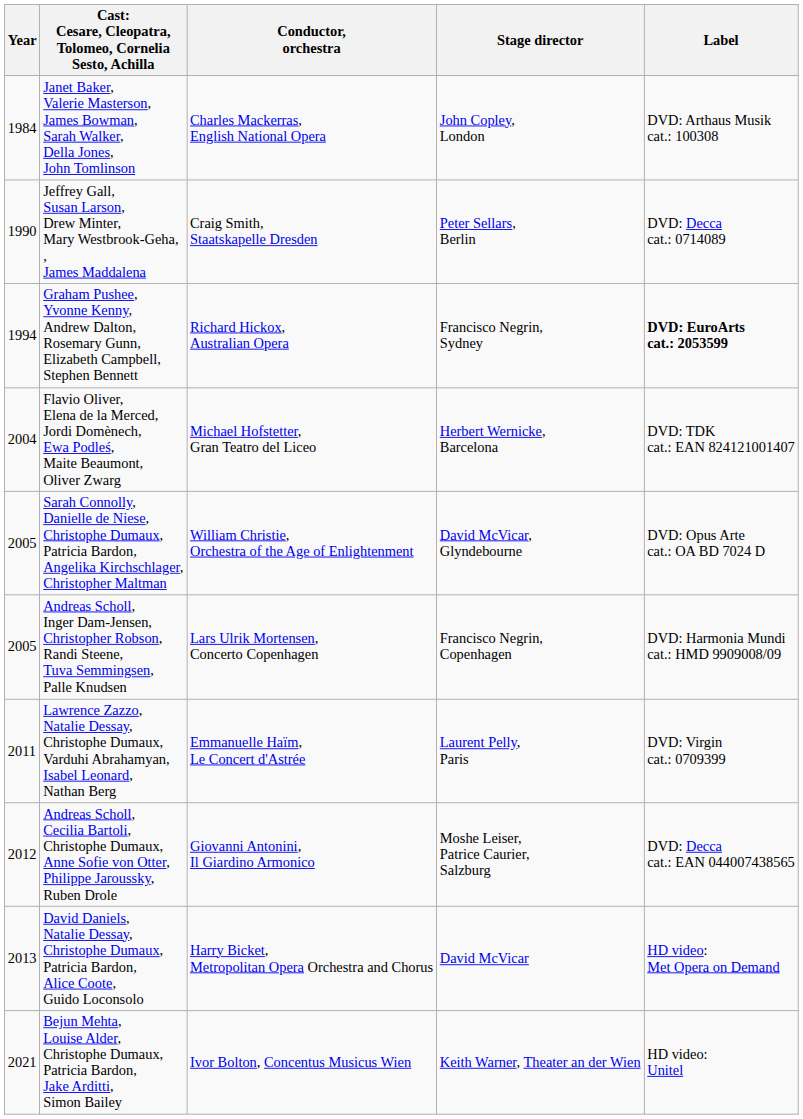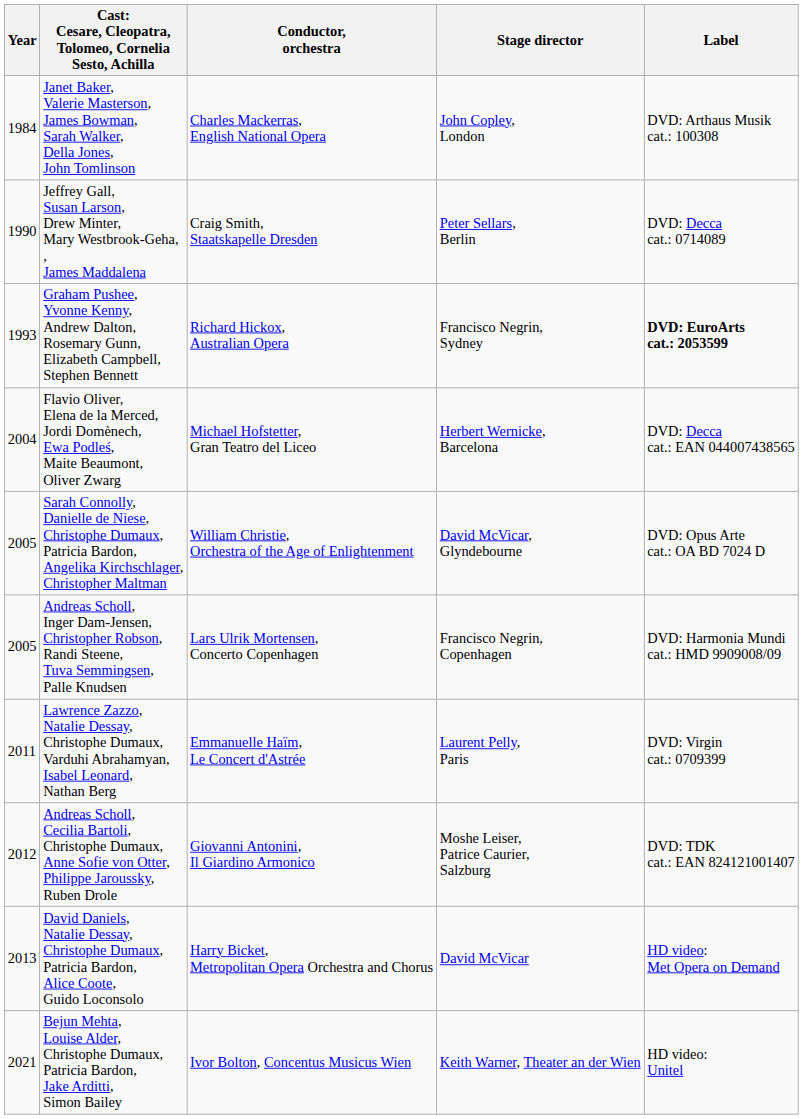 <table class="wikitable">
 <tr>
 <th>Year</th>
 <th>Cast:<br>Cesare, Cleopatra,<br>Tolomeo, Cornelia<br>Sesto, Achilla</th>
 <th>Conductor,<br>orchestra</th>
 <th>Stage director</th>
 <th>Label</th>
 </tr>
 <tr>
 <td>1984</td>
 <td><a href='#'>Janet Baker</a>,<br><a href='#'>Valerie Masterson</a>,<br><a href='#'>James Bowman</a>,<br><a href='#'>Sarah Walker</a>,<br><a href='#'>Della Jones</a>,<br><a href='#'>John Tomlinson</a></td>
 <td><a href='#'>Charles Mackerras</a>,<br><a href='#'>English National Opera</a></td>
 <td><a href='#'>John Copley</a>, <br> London</td>
 <td>DVD: Arthaus Musik<br>cat.: 100308</td>
 </tr>
 <tr>
 <td>1990</td>
 <td>Jeffrey Gall,<br><a href='#'>Susan Larson</a>,<br>Drew Minter,<br>Mary Westbrook-Geha,<br>,<br><a href='#'>James Maddalena</a></td>
 <td>Craig Smith,<br><a href='#'>Staatskapelle Dresden</a></td>
 <td><a href='#'>Peter Sellars</a>,<br> Berlin</td>
 <td>DVD: <a href='#'>Decca</a><br>cat.: 0714089</td>
 </tr>
 <tr>
-<td>1994</td>
+<td>1993</td>
 <td><a href='#'>Graham Pushee</a>,<br><a href='#'>Yvonne Kenny</a>,<br>Andrew Dalton,<br> Rosemary Gunn,<br>Elizabeth Campbell,<br>Stephen Bennett</td>
 <td><a href='#'>Richard Hickox</a>,<br><a href='#'>Australian Opera</a></td>
 <td>Francisco Negrin,<br> Sydney</td>
 <td><strong>DVD: EuroArts<br>cat.: 2053599</strong></td>
 </tr>
 <tr>
 <td>2004</td>
 <td>Flavio Oliver,<br>Elena de la Merced,<br>Jordi Domènech,<br><a href='#'>Ewa Podleś</a>,<br>Maite Beaumont,<br>Oliver Zwarg</td>
 <td><a href='#'>Michael Hofstetter</a>,<br>Gran Teatro del Liceo</td>
 <td><a href='#'>Herbert Wernicke</a>,<br> Barcelona</td>
-<td>DVD: TDK<br>cat.: EAN 824121001407</td>
+<td>DVD: <a href='#'>Decca</a><br>cat.: EAN 044007438565</td>
 </tr>
 <tr>
 <td>2005</td>
 <td><a href='#'>Sarah Connolly</a>,<br><a href='#'>Danielle de Niese</a>,<br><a href='#'>Christophe Dumaux</a>,<br>Patricia Bardon,<br><a href='#'>Angelika Kirchschlager</a>,<br><a href='#'>Christopher Maltman</a></td>
 <td><a href='#'>William Christie</a>,<br><a href='#'>Orchestra of the Age of Enlightenment</a></td>
 <td><a href='#'>David McVicar</a>,<br> Glyndebourne</td>
 <td>DVD: Opus Arte<br>cat.: OA BD 7024 D</td>
 </tr>
 <tr>
 <td>2005</td>
 <td><a href='#'>Andreas Scholl</a>,<br>Inger Dam-Jensen,<br><a href='#'>Christopher Robson</a>,<br> Randi Steene,<br><a href='#'>Tuva Semmingsen</a>,<br>Palle Knudsen</td>
 <td><a href='#'>Lars Ulrik Mortensen</a>,<br>Concerto Copenhagen</td>
 <td>Francisco Negrin,<br> Copenhagen</td>
 <td>DVD: Harmonia Mundi<br>cat.: HMD 9909008/09</td>
 </tr>
 <tr>
 <td>2011</td>
 <td><a href='#'>Lawrence Zazzo</a>,<br><a href='#'>Natalie Dessay</a>,<br>Christophe Dumaux,<br>Varduhi Abrahamyan,<br><a href='#'>Isabel Leonard</a>,<br>Nathan Berg</td>
 <td><a href='#'>Emmanuelle Haïm</a>,<br><a href='#'>Le Concert d'Astrée</a></td>
 <td><a href='#'>Laurent Pelly</a>,<br> Paris</td>
 <td>DVD: Virgin<br>cat.: 0709399</td>
 </tr>
 <tr>
 <td>2012</td>
 <td><a href='#'>Andreas Scholl</a>,<br><a href='#'>Cecilia Bartoli</a>,<br>Christophe Dumaux,<br><a href='#'>Anne Sofie von Otter</a>,<br><a href='#'>Philippe Jaroussky</a>,<br>Ruben Drole</td>
 <td><a href='#'>Giovanni Antonini</a>,<br><a href='#'>Il Giardino Armonico</a></td>
 <td>Moshe Leiser,<br> Patrice Caurier,<br>Salzburg</td>
-<td>DVD: <a href='#'>Decca</a><br>cat.: EAN 044007438565</td>
+<td>DVD: TDK<br>cat.: EAN 824121001407</td>
 </tr>
 <tr>
 <td>2013</td>
 <td><a href='#'>David Daniels</a>,<br><a href='#'>Natalie Dessay</a>,<br><a href='#'>Christophe Dumaux</a>,<br>Patricia Bardon,<br><a href='#'>Alice Coote</a>,<br>Guido Loconsolo</td>
 <td><a href='#'>Harry Bicket</a>,<br><a href='#'>Metropolitan Opera</a> Orchestra and Chorus</td>
 <td><a href='#'>David McVicar</a></td>
 <td><a href='#'>HD video</a>:<br><a href='#'>Met Opera on Demand</a></td>
 </tr>
 <tr>
 <td>2021</td>
 <td><a href='#'>Bejun Mehta</a>,<br><a href='#'>Louise Alder</a>,<br>Christophe Dumaux,<br>Patricia Bardon,<br><a href='#'>Jake Arditti</a>,<br>Simon Bailey</td>
 <td><a href='#'>Ivor Bolton</a>, <a href='#'>Concentus Musicus Wien</a></td>
 <td><a href='#'>Keith Warner</a>, <a href='#'>Theater an der Wien</a></td>
 <td>HD video:<br><a href='#'>Unitel</a></td>
 </tr>
 </table>
